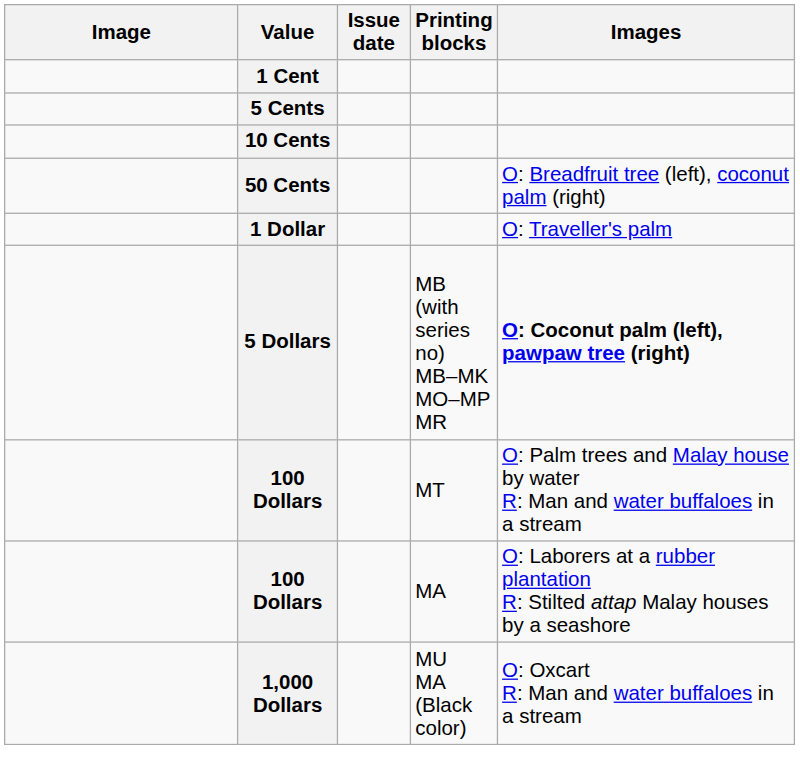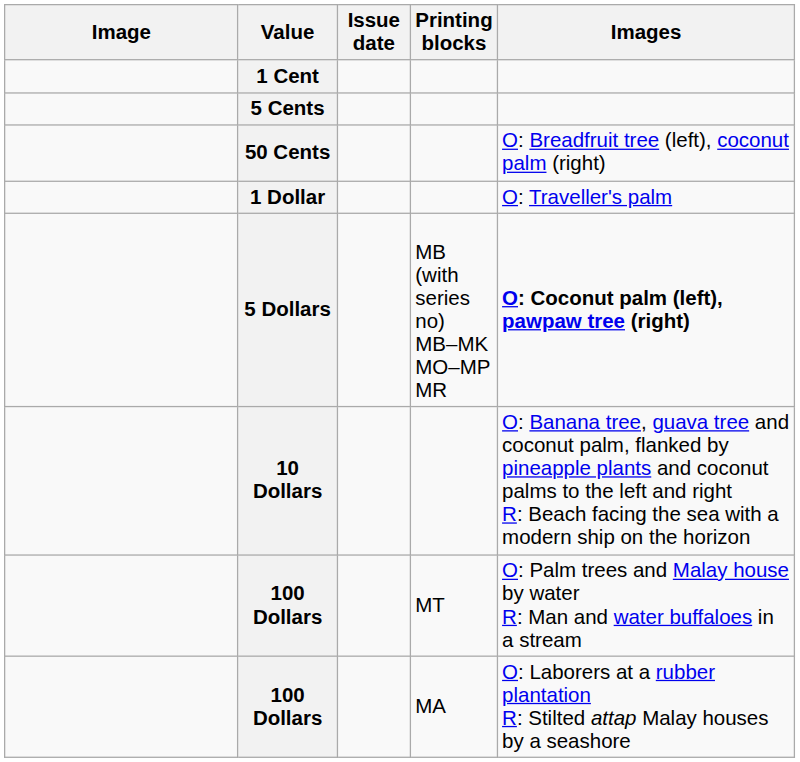 <table class="wikitable">
 <tr>
 <th scope="col" style="width:175px;">Image</th>
 <th scope="col" style="width:70px; ">Value</th>
 <th scope="col" style="width:50px;">Issue date</th>
 <th scope="col" style="width:55px;">Printing blocks</th>
 <th scope="col" style="width:225px;">Images</th>
 </tr>
 <tr>
 <td><br> </td>
 <th>1 Cent</th>
 <td></td>
 <td></td>
 <td></td>
 </tr>
 <tr>
 <td></td>
 <th>5 Cents</th>
-<td></td>
-<td></td>
-<td></td>
-</tr>
-<tr>
-<td></td>
-<th>10 Cents</th>
 <td></td>
 <td></td>
 <td></td>
 </tr>
 <tr>
 <td></td>
 <th>50 Cents</th>
 <td></td>
 <td></td>
 <td><a href='#'>O</a>: <a href='#'>Breadfruit tree</a> (left), <a href='#'>coconut palm</a> (right)</td>
 </tr>
 <tr>
 <td></td>
 <th>1 Dollar</th>
 <td></td>
 <td></td>
 <td><a href='#'>O</a>: <a href='#'>Traveller's palm</a></td>
 </tr>
 <tr>
 <td></td>
 <th>5 Dollars</th>
 <td></td>
 <td><br>MB (with series no)<br>MB–MK<br>MO–MP<br>MR</td>
 <td><strong><a href='#'>O</a>: Coconut palm (left), <a href='#'>pawpaw tree</a> (right)</strong></td>
 </tr>
 <tr>
 <td></td>
+<th>10 Dollars</th>
+<td></td>
+<td></td>
+<td><a href='#'>O</a>: <a href='#'>Banana tree</a>, <a href='#'>guava tree</a> and coconut palm, flanked by <a href='#'>pineapple plants</a> and coconut palms to the left and right<br><a href='#'>R</a>: Beach facing the sea with a modern ship on the horizon</td>
+</tr>
+<tr>
+<td></td>
 <th>100 Dollars</th>
 <td></td>
 <td>MT</td>
 <td><a href='#'>O</a>: Palm trees and <a href='#'>Malay house</a> by water<br><a href='#'>R</a>: Man and <a href='#'>water buffaloes</a> in a stream</td>
 </tr>
 <tr>
 <td></td>
 <th>100 Dollars</th>
 <td></td>
 <td>MA</td>
 <td><a href='#'>O</a>: Laborers at a <a href='#'>rubber plantation</a><br><a href='#'>R</a>: Stilted <em>attap</em> Malay houses by a seashore</td>
 </tr>
-<tr>
-<td></td>
-<th>1,000 Dollars</th>
-<td></td>
-<td>MU<br>MA (Black color)</td>
-<td><a href='#'>O</a>: Oxcart<br><a href='#'>R</a>:  Man and <a href='#'>water buffaloes</a> in a stream</td>
-</tr>
 </table>
